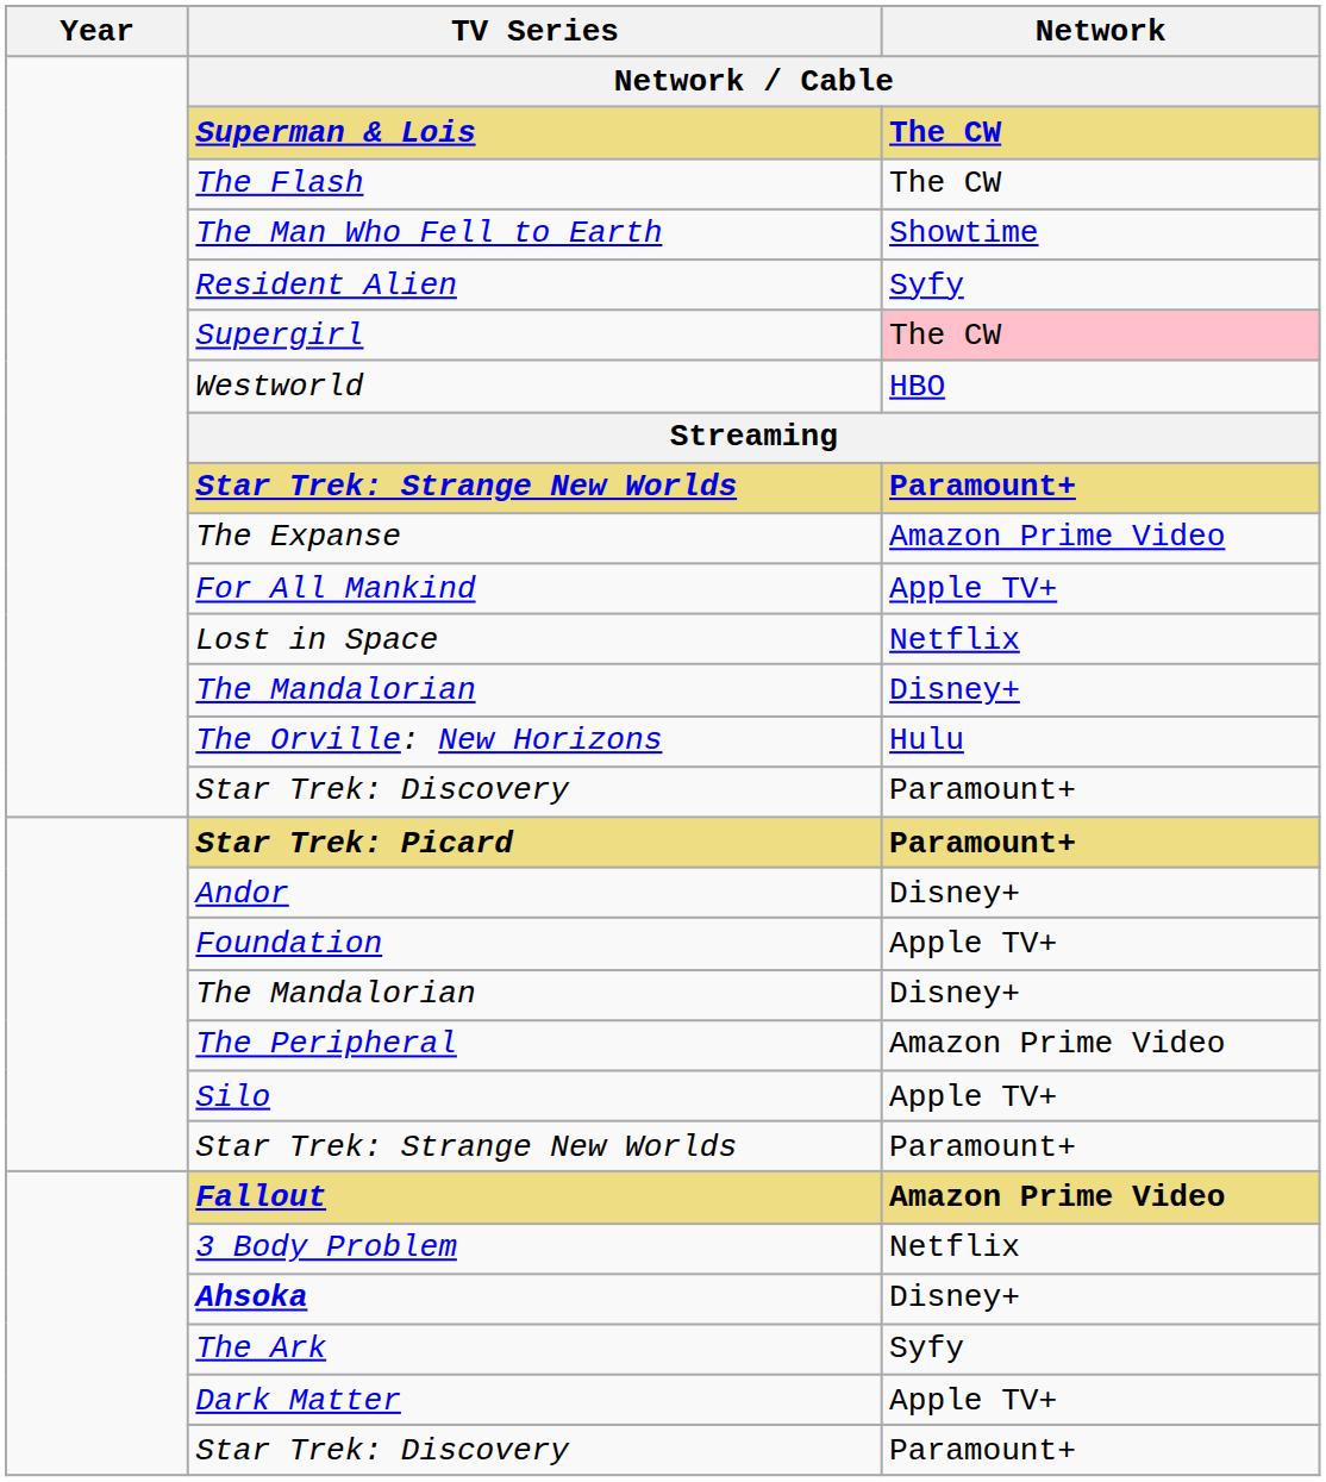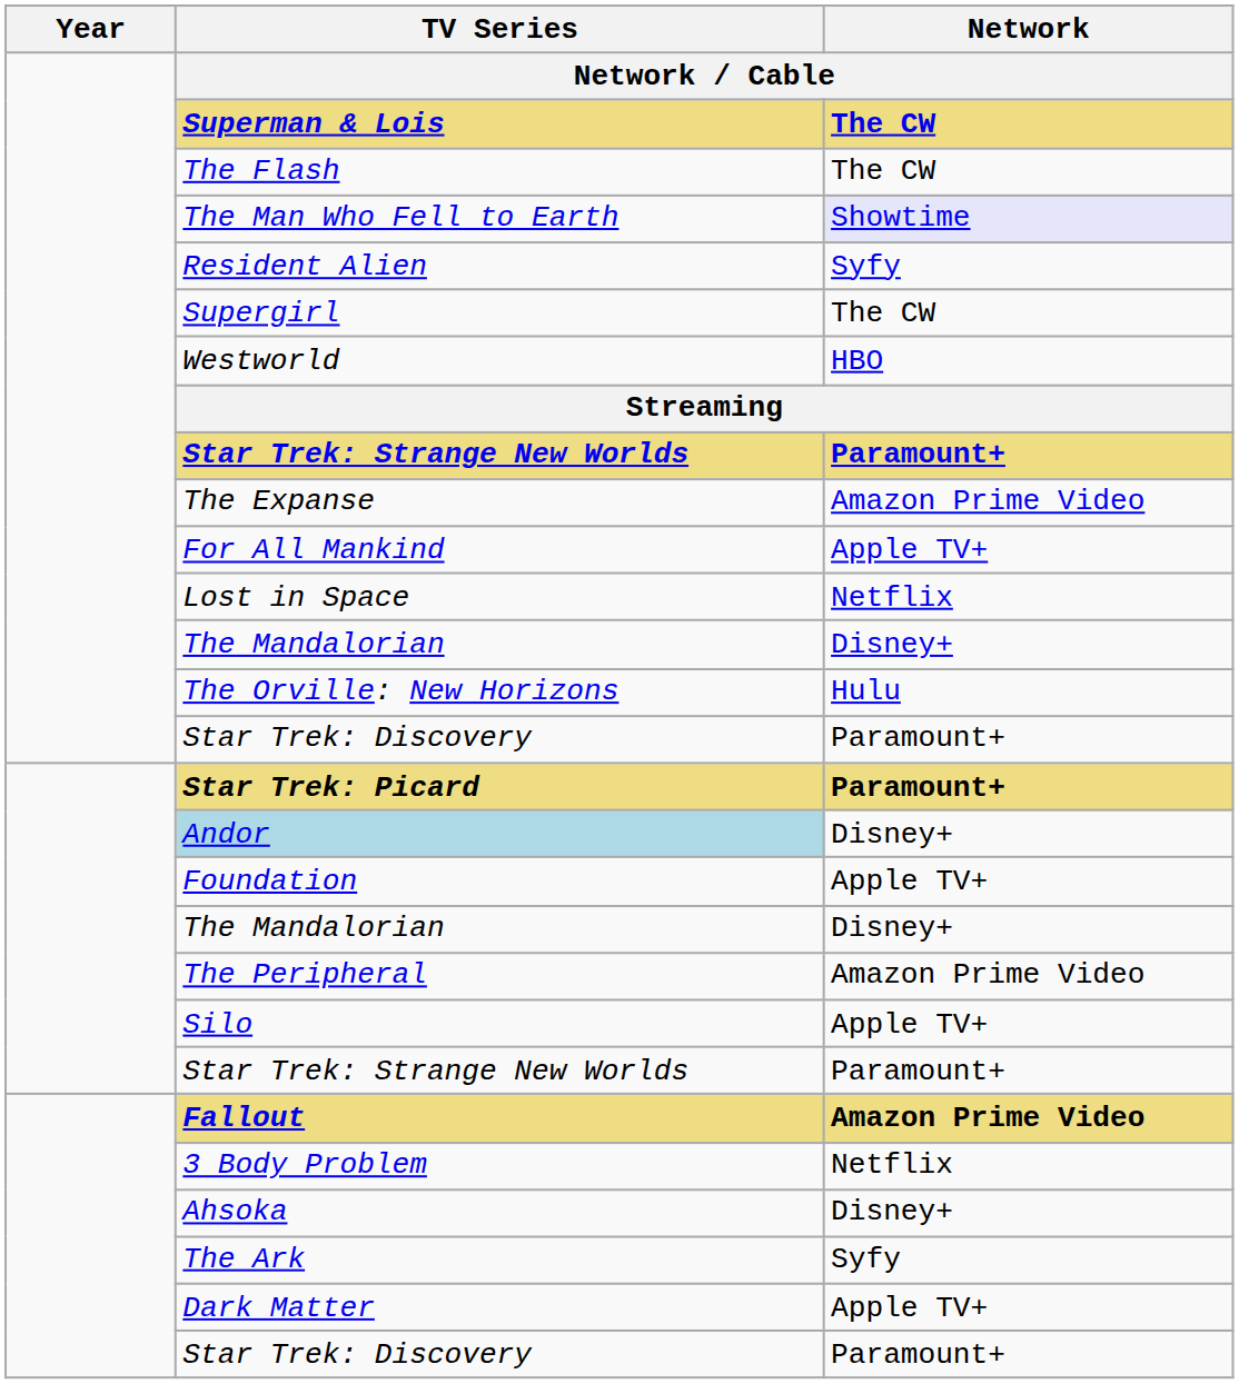 <table class="wikitable" width="550px" border="1" cellpadding="5" cellspacing="0" align="centre">
 <tr>
 <th width="70px">Year</th>
 <th>TV Series</th>
 <th>Network</th>
 </tr>
 <tr>
 <td rowspan="15"></td>
 <th colspan="2">Network / Cable</th>
 </tr>
 <tr>
 <td style="background:#EEDD82"><strong><em><a href='#'>Superman & Lois</a></em></strong></td>
 <td style="background:#EEDD82"><strong><a href='#'>The CW</a></strong></td>
 </tr>
 <tr>
 <td><em><a href='#'>The Flash</a></em></td>
 <td>The CW</td>
 </tr>
 <tr>
 <td><em><a href='#'>The Man Who Fell to Earth</a></em></td>
-<td><a href='#'>Showtime</a></td>
+<td style="background: lavender;"><a href='#'>Showtime</a></td>
 </tr>
 <tr>
 <td><em><a href='#'>Resident Alien</a></em></td>
 <td><a href='#'>Syfy</a></td>
 </tr>
 <tr>
 <td><em><a href='#'>Supergirl</a></em></td>
-<td style="background: pink;">The CW</td>
+<td>The CW</td>
 </tr>
 <tr>
 <td><em>Westworld</em></td>
 <td><a href='#'>HBO</a></td>
 </tr>
 <tr>
 <th colspan="2">Streaming</th>
 </tr>
 <tr>
 <td style="background:#EEDD82"><strong><em><a href='#'>Star Trek: Strange New Worlds</a></em></strong></td>
 <td style="background:#EEDD82"><strong><a href='#'>Paramount+</a></strong></td>
 </tr>
 <tr>
 <td><em>The Expanse</em></td>
 <td><a href='#'>Amazon Prime Video</a></td>
 </tr>
 <tr>
 <td><em><a href='#'>For All Mankind</a></em></td>
 <td><a href='#'>Apple TV+</a></td>
 </tr>
 <tr>
 <td><em>Lost in Space</em></td>
 <td><a href='#'>Netflix</a></td>
 </tr>
 <tr>
 <td><em><a href='#'>The Mandalorian</a></em></td>
 <td><a href='#'>Disney+</a></td>
 </tr>
 <tr>
 <td><em><a href='#'>The Orville</a>: <a href='#'>New Horizons</a></em></td>
 <td><a href='#'>Hulu</a></td>
 </tr>
 <tr>
 <td><em>Star Trek: Discovery</em></td>
 <td>Paramount+</td>
 </tr>
 <tr>
 <td rowspan="7"></td>
 <td style="background:#EEDD82"><strong><em>Star Trek: Picard</em></strong></td>
 <td style="background:#EEDD82"><strong>Paramount+</strong></td>
 </tr>
 <tr>
-<td><em><a href='#'>Andor</a></em></td>
+<td style="background: lightblue;"><em><a href='#'>Andor</a></em></td>
 <td>Disney+</td>
 </tr>
 <tr>
 <td><em><a href='#'>Foundation</a></em></td>
 <td>Apple TV+</td>
 </tr>
 <tr>
 <td><em>The Mandalorian</em></td>
 <td>Disney+</td>
 </tr>
 <tr>
 <td><em><a href='#'>The Peripheral</a></em></td>
 <td>Amazon Prime Video</td>
 </tr>
 <tr>
 <td><em><a href='#'>Silo</a></em></td>
 <td>Apple TV+</td>
 </tr>
 <tr>
 <td><em>Star Trek: Strange New Worlds</em></td>
 <td>Paramount+</td>
 </tr>
 <tr>
 <td rowspan="6"></td>
 <td style="background:#EEDD82"><strong><em><a href='#'>Fallout</a></em></strong></td>
 <td style="background:#EEDD82"><strong>Amazon Prime Video</strong></td>
 </tr>
 <tr>
 <td><em><a href='#'>3 Body Problem</a></em></td>
 <td>Netflix</td>
 </tr>
 <tr>
-<td><strong><em><a href='#'>Ahsoka</a></em></strong></td>
+<td><em><a href='#'>Ahsoka</a></em></td>
 <td>Disney+</td>
 </tr>
 <tr>
 <td><em><a href='#'>The Ark</a></em></td>
 <td>Syfy</td>
 </tr>
 <tr>
 <td><em><a href='#'>Dark Matter</a></em></td>
 <td>Apple TV+</td>
 </tr>
 <tr>
 <td><em>Star Trek: Discovery</em></td>
 <td>Paramount+</td>
 </tr>
 </table>
